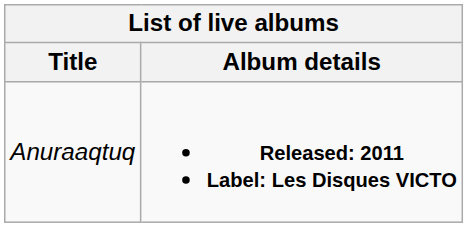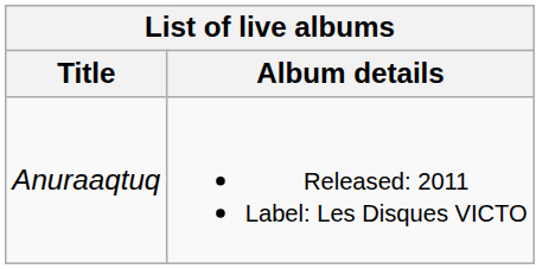 <table class="wikitable plainrowheaders" border="1" style="text-align:center; text-align:center; href:2014 Polaris Music Prize">
 <tr>
 <th colspan="2">List of live albums</th>
 </tr>
 <tr>
 <th>Title</th>
 <th>Album details</th>
 </tr>
 <tr>
 <td><em>Anuraaqtuq</em></td>
-<td><strong><br><ul><li><small>Released: 2011</small></li><li><small>Label: Les Disques VICTO</small></li></ul></strong></td>
+<td><br><ul><li><small>Released: 2011</small></li><li><small>Label: Les Disques VICTO</small></li></ul></td>
 </tr>
 </table>
